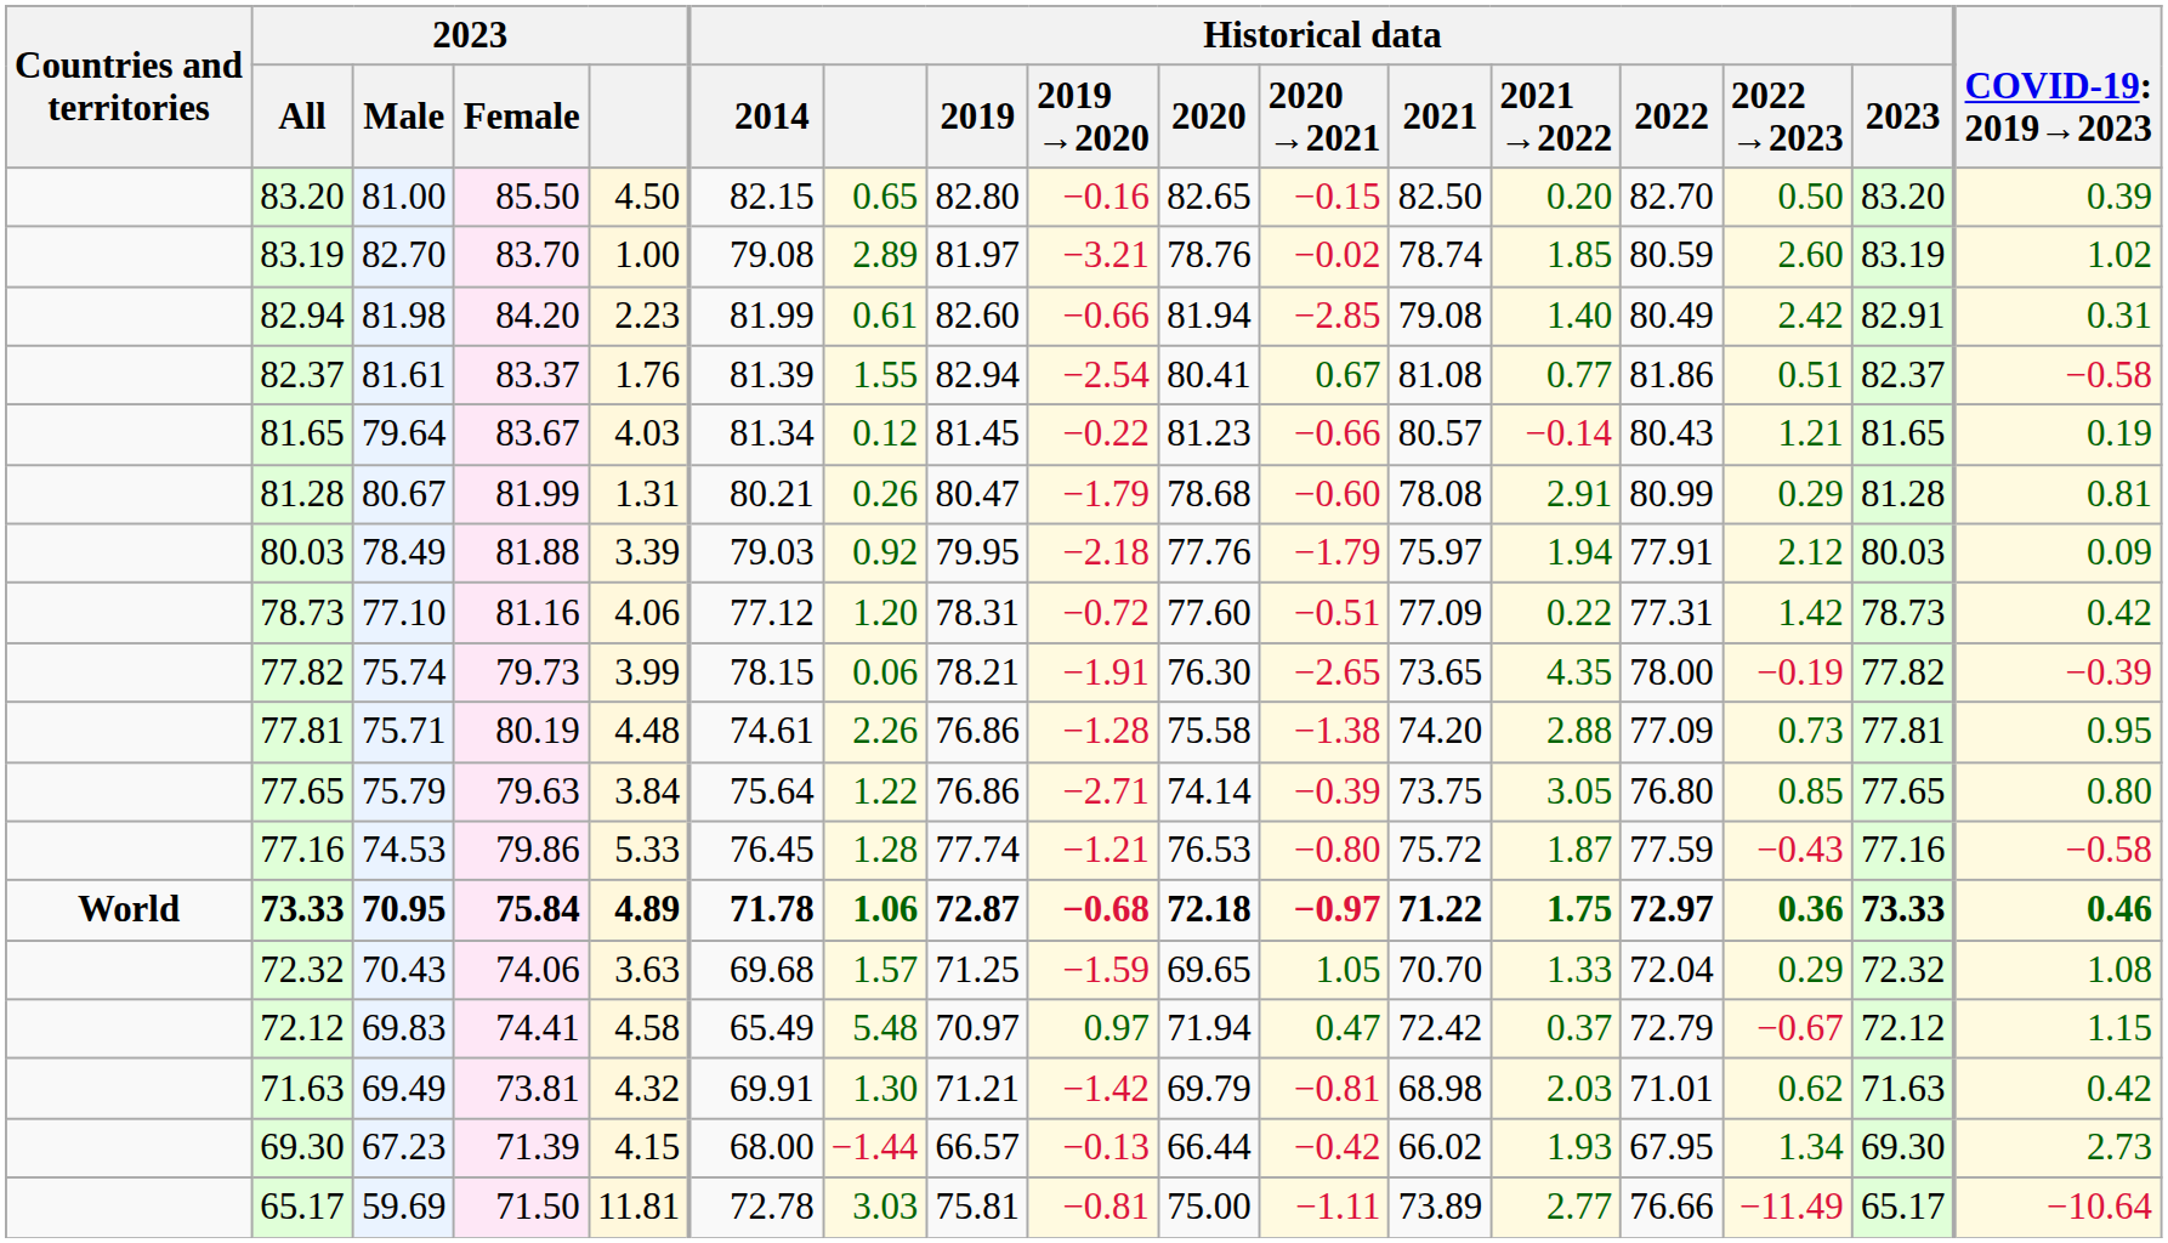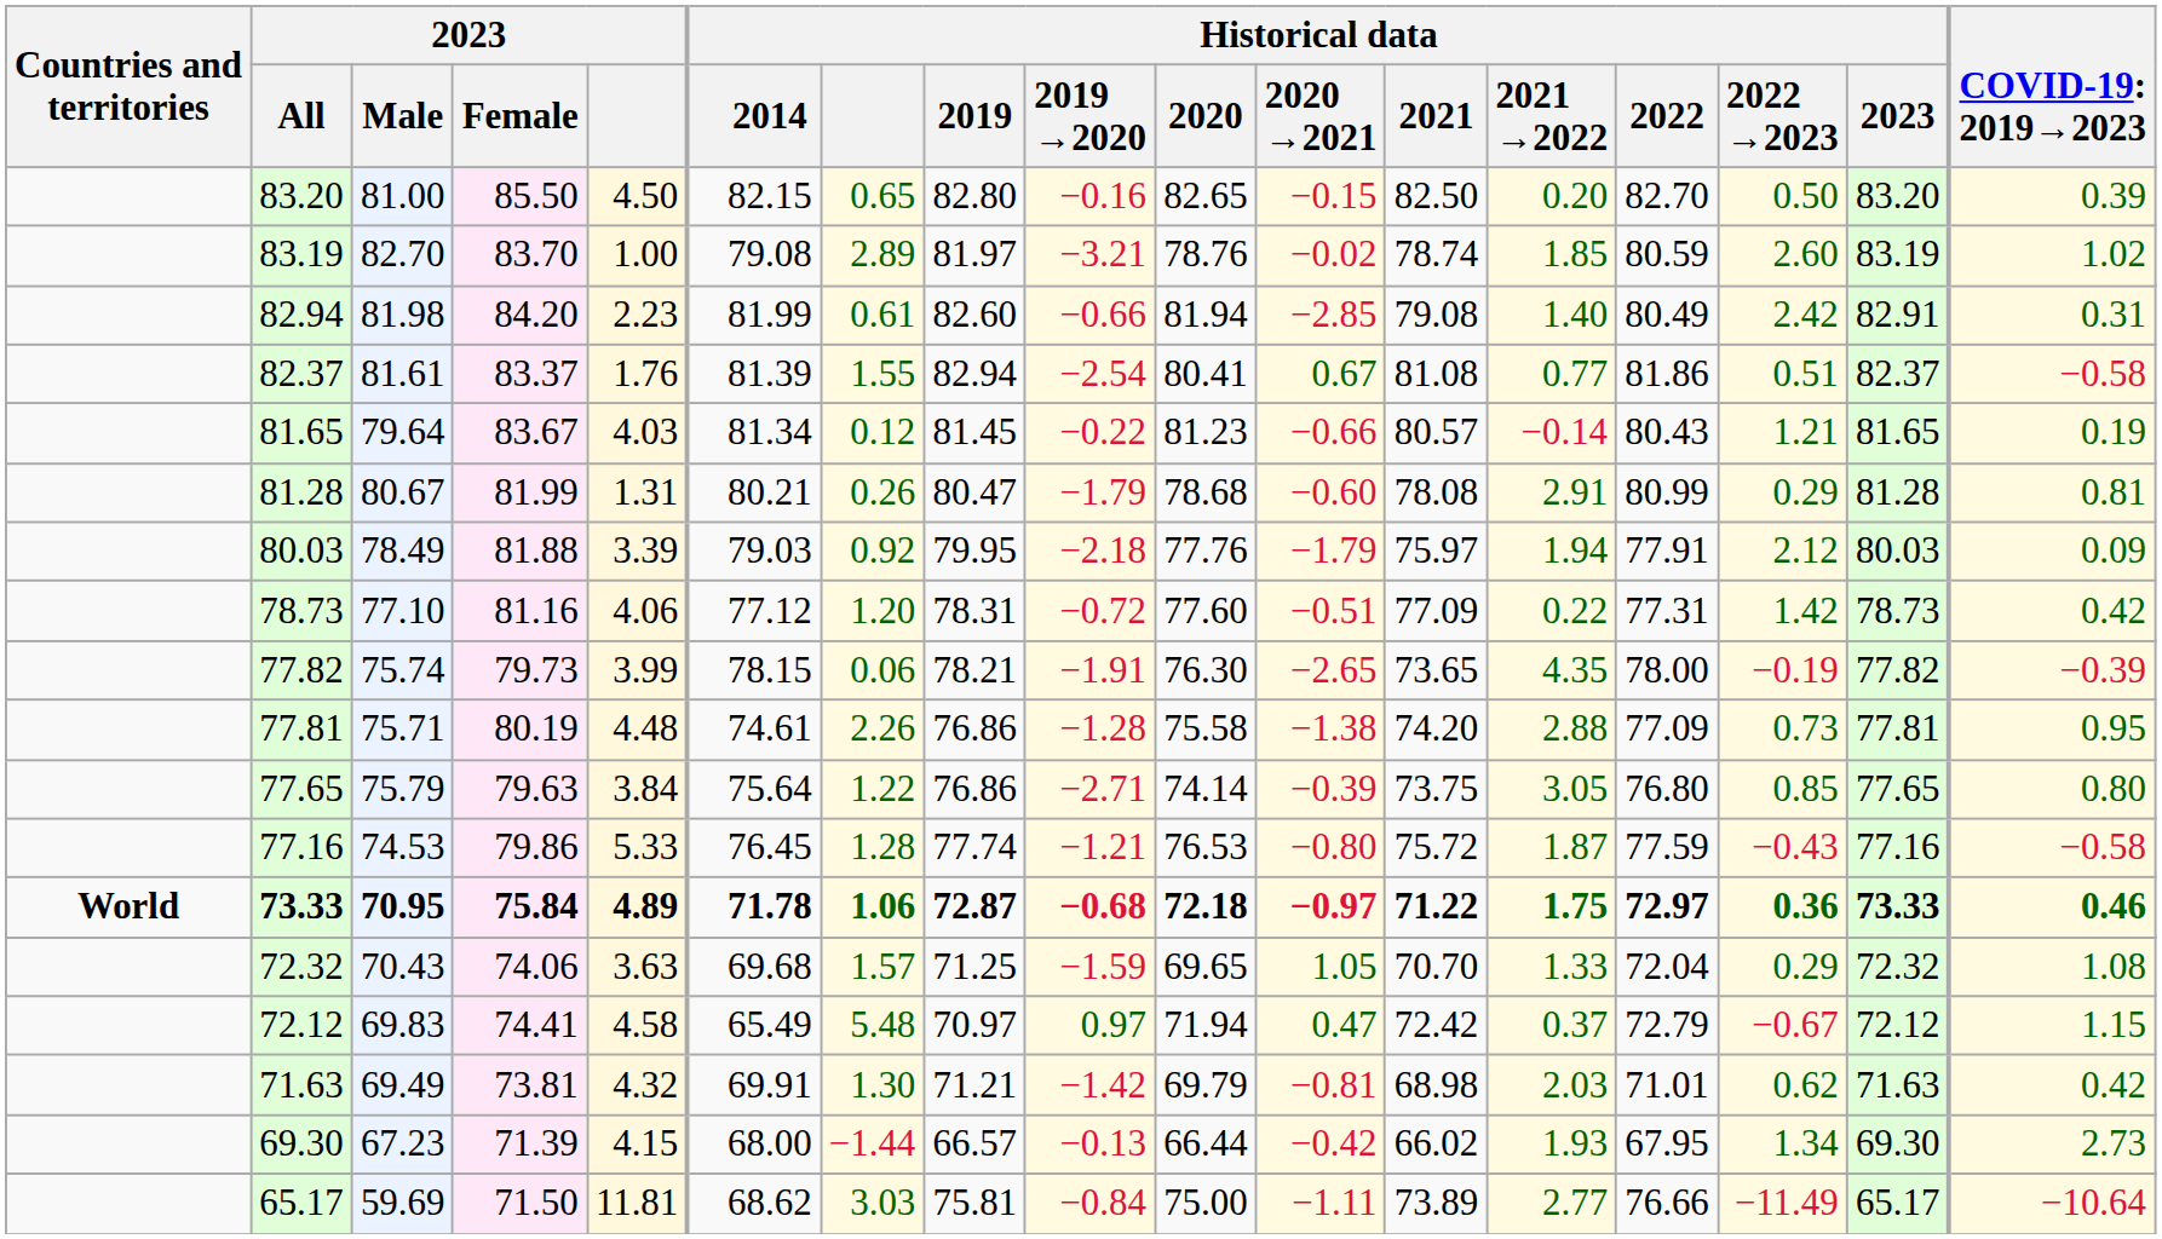 <table class="wikitable sortable mw-datatable static-row-numbers sort-under sticky-table-head sticky-table-col1 col1left col2center col3center col4center col5center col6center col8center col10center col12center col14center col16center" style=text-align:right;>
 <tr class="sortbottom static-row-header">
 <th rowspan=2 style="vertical-align:middle;">Countries and<br>territories</th>
 <th colspan=4>2023</th>
 <th colspan=11 style="border-left-width:2px;">Historical data</th>
 <th rowspan=2 style="border-left-width:2px; text-align:middle;"><br><a href='#'>COVID-19</a>:<br>2019→2023</th>
 </tr>
 <tr class="sortbottom static-row-header">
 <th style="vertical-align:middle;" class=sticky-table-none>All</th>
 <th style="vertical-align:middle;">Male</th>
 <th style="vertical-align:middle;">Female</th>
 <th style="vertical-align:middle;"></th>
 <th style="border-left-width:2px; vertical-align:middle; padding-left:1em;">2014</th>
 <th style="text-align:left;"></th>
 <th style="vertical-align:middle;">2019</th>
 <th style="text-align:left;">2019<br>→2020</th>
 <th style="vertical-align:middle;">2020</th>
 <th style="text-align:left;">2020<br>→2021</th>
 <th style="vertical-align:middle;">2021</th>
 <th style="text-align:left;">2021<br>→2022</th>
 <th style="vertical-align:middle;">2022</th>
 <th style="text-align:left;">2022<br>→2023</th>
 <th style="vertical-align:middle;">2023</th>
 </tr>
 <tr>
 <td></td>
 <td style="background:#e0ffd8;">83.20</td>
 <td style="background:#eaf3ff;">81.00</td>
 <td style="background:#fee7f6;">85.50</td>
 <td style="background:#fff8dc;">4.50</td>
 <td style="border-left-width:2px; padding-left:1em;">82.15</td>
 <td style="background:#fffae0;color:darkgreen;">0.65</td>
 <td>82.80</td>
 <td style="background:#fffae0;color:crimson;">−0.16</td>
 <td>82.65</td>
 <td style="background:#fffae0;color:crimson;">−0.15</td>
 <td>82.50</td>
 <td style="background:#fffae0;color:darkgreen;">0.20</td>
 <td>82.70</td>
 <td style="background:#fffae0;color:darkgreen;">0.50</td>
 <td style="background:#e0ffd8;">83.20</td>
 <td style="background:#fffae0;border-left-width:2px;color:darkgreen;">0.39</td>
 </tr>
 <tr>
 <td></td>
 <td style="background:#e0ffd8;">83.19</td>
 <td style="background:#eaf3ff;">82.70</td>
 <td style="background:#fee7f6;">83.70</td>
 <td style="background:#fff8dc;">1.00</td>
 <td style="border-left-width:2px; padding-left:1em;">79.08</td>
 <td style="background:#fffae0;color:darkgreen;">2.89</td>
 <td>81.97</td>
 <td style="background:#fffae0;color:crimson;">−3.21</td>
 <td>78.76</td>
 <td style="background:#fffae0;color:crimson;">−0.02</td>
 <td>78.74</td>
 <td style="background:#fffae0;color:darkgreen;">1.85</td>
 <td>80.59</td>
 <td style="background:#fffae0;color:darkgreen;">2.60</td>
 <td style="background:#e0ffd8;">83.19</td>
 <td style="background:#fffae0;border-left-width:2px;color:darkgreen;">1.02</td>
 </tr>
 <tr>
 <td></td>
 <td style="background:#e0ffd8;">82.94</td>
 <td style="background:#eaf3ff;">81.98</td>
 <td style="background:#fee7f6;">84.20</td>
 <td style="background:#fff8dc;">2.23</td>
 <td style="border-left-width:2px; padding-left:1em;">81.99</td>
 <td style="background:#fffae0;color:darkgreen;">0.61</td>
 <td>82.60</td>
 <td style="background:#fffae0;color:crimson;">−0.66</td>
 <td>81.94</td>
 <td style="background:#fffae0;color:crimson;">−2.85</td>
 <td>79.08</td>
 <td style="background:#fffae0;color:darkgreen;">1.40</td>
 <td>80.49</td>
 <td style="background:#fffae0;color:darkgreen;">2.42</td>
 <td style="background:#e0ffd8;">82.91</td>
 <td style="background:#fffae0;border-left-width:2px;color:darkgreen;">0.31</td>
 </tr>
 <tr>
 <td></td>
 <td style="background:#e0ffd8;">82.37</td>
 <td style="background:#eaf3ff;">81.61</td>
 <td style="background:#fee7f6;">83.37</td>
 <td style="background:#fff8dc;">1.76</td>
 <td style="border-left-width:2px; padding-left:1em;">81.39</td>
 <td style="background:#fffae0;color:darkgreen;">1.55</td>
 <td>82.94</td>
 <td style="background:#fffae0;color:crimson;">−2.54</td>
 <td>80.41</td>
 <td style="background:#fffae0;color:darkgreen;">0.67</td>
 <td>81.08</td>
 <td style="background:#fffae0;color:darkgreen;">0.77</td>
 <td>81.86</td>
 <td style="background:#fffae0;color:darkgreen;">0.51</td>
 <td style="background:#e0ffd8;">82.37</td>
 <td style="background:#fffae0;border-left-width:2px;color:crimson;">−0.58</td>
 </tr>
 <tr>
 <td></td>
 <td style="background:#e0ffd8;">81.65</td>
 <td style="background:#eaf3ff;">79.64</td>
 <td style="background:#fee7f6;">83.67</td>
 <td style="background:#fff8dc;">4.03</td>
 <td style="border-left-width:2px; padding-left:1em;">81.34</td>
 <td style="background:#fffae0;color:darkgreen;">0.12</td>
 <td>81.45</td>
 <td style="background:#fffae0;color:crimson;">−0.22</td>
 <td>81.23</td>
 <td style="background:#fffae0;color:crimson;">−0.66</td>
 <td>80.57</td>
 <td style="background:#fffae0;color:crimson;">−0.14</td>
 <td>80.43</td>
 <td style="background:#fffae0;color:darkgreen;">1.21</td>
 <td style="background:#e0ffd8;">81.65</td>
 <td style="background:#fffae0;border-left-width:2px;color:darkgreen;">0.19</td>
 </tr>
 <tr>
 <td></td>
 <td style="background:#e0ffd8;">81.28</td>
 <td style="background:#eaf3ff;">80.67</td>
 <td style="background:#fee7f6;">81.99</td>
 <td style="background:#fff8dc;">1.31</td>
 <td style="border-left-width:2px; padding-left:1em;">80.21</td>
 <td style="background:#fffae0;color:darkgreen;">0.26</td>
 <td>80.47</td>
 <td style="background:#fffae0;color:crimson;">−1.79</td>
 <td>78.68</td>
 <td style="background:#fffae0;color:crimson;">−0.60</td>
 <td>78.08</td>
 <td style="background:#fffae0;color:darkgreen;">2.91</td>
 <td>80.99</td>
 <td style="background:#fffae0;color:darkgreen;">0.29</td>
 <td style="background:#e0ffd8;">81.28</td>
 <td style="background:#fffae0;border-left-width:2px;color:darkgreen;">0.81</td>
 </tr>
 <tr>
 <td></td>
 <td style="background:#e0ffd8;">80.03</td>
 <td style="background:#eaf3ff;">78.49</td>
 <td style="background:#fee7f6;">81.88</td>
 <td style="background:#fff8dc;">3.39</td>
 <td style="border-left-width:2px; padding-left:1em;">79.03</td>
 <td style="background:#fffae0;color:darkgreen;">0.92</td>
 <td>79.95</td>
 <td style="background:#fffae0;color:crimson;">−2.18</td>
 <td>77.76</td>
 <td style="background:#fffae0;color:crimson;">−1.79</td>
 <td>75.97</td>
 <td style="background:#fffae0;color:darkgreen;">1.94</td>
 <td>77.91</td>
 <td style="background:#fffae0;color:darkgreen;">2.12</td>
 <td style="background:#e0ffd8;">80.03</td>
 <td style="background:#fffae0;border-left-width:2px;color:darkgreen;">0.09</td>
 </tr>
 <tr>
 <td></td>
 <td style="background:#e0ffd8;">78.73</td>
 <td style="background:#eaf3ff;">77.10</td>
 <td style="background:#fee7f6;">81.16</td>
 <td style="background:#fff8dc;">4.06</td>
 <td style="border-left-width:2px; padding-left:1em;">77.12</td>
 <td style="background:#fffae0;color:darkgreen;">1.20</td>
 <td>78.31</td>
 <td style="background:#fffae0;color:crimson;">−0.72</td>
 <td>77.60</td>
 <td style="background:#fffae0;color:crimson;">−0.51</td>
 <td>77.09</td>
 <td style="background:#fffae0;color:darkgreen;">0.22</td>
 <td>77.31</td>
 <td style="background:#fffae0;color:darkgreen;">1.42</td>
 <td style="background:#e0ffd8;">78.73</td>
 <td style="background:#fffae0;border-left-width:2px;color:darkgreen;">0.42</td>
 </tr>
 <tr>
 <td></td>
 <td style="background:#e0ffd8;">77.82</td>
 <td style="background:#eaf3ff;">75.74</td>
 <td style="background:#fee7f6;">79.73</td>
 <td style="background:#fff8dc;">3.99</td>
 <td style="border-left-width:2px; padding-left:1em;">78.15</td>
 <td style="background:#fffae0;color:darkgreen;">0.06</td>
 <td>78.21</td>
 <td style="background:#fffae0;color:crimson;">−1.91</td>
 <td>76.30</td>
 <td style="background:#fffae0;color:crimson;">−2.65</td>
 <td>73.65</td>
 <td style="background:#fffae0;color:darkgreen;">4.35</td>
 <td>78.00</td>
 <td style="background:#fffae0;color:crimson;">−0.19</td>
 <td style="background:#e0ffd8;">77.82</td>
 <td style="background:#fffae0;border-left-width:2px;color:crimson;">−0.39</td>
 </tr>
 <tr>
 <td></td>
 <td style="background:#e0ffd8;">77.81</td>
 <td style="background:#eaf3ff;">75.71</td>
 <td style="background:#fee7f6;">80.19</td>
 <td style="background:#fff8dc;">4.48</td>
 <td style="border-left-width:2px; padding-left:1em;">74.61</td>
 <td style="background:#fffae0;color:darkgreen;">2.26</td>
 <td>76.86</td>
 <td style="background:#fffae0;color:crimson;">−1.28</td>
 <td>75.58</td>
 <td style="background:#fffae0;color:crimson;">−1.38</td>
 <td>74.20</td>
 <td style="background:#fffae0;color:darkgreen;">2.88</td>
 <td>77.09</td>
 <td style="background:#fffae0;color:darkgreen;">0.73</td>
 <td style="background:#e0ffd8;">77.81</td>
 <td style="background:#fffae0;border-left-width:2px;color:darkgreen;">0.95</td>
 </tr>
 <tr>
 <td></td>
 <td style="background:#e0ffd8;">77.65</td>
 <td style="background:#eaf3ff;">75.79</td>
 <td style="background:#fee7f6;">79.63</td>
 <td style="background:#fff8dc;">3.84</td>
 <td style="border-left-width:2px; padding-left:1em;">75.64</td>
 <td style="background:#fffae0;color:darkgreen;">1.22</td>
 <td>76.86</td>
 <td style="background:#fffae0;color:crimson;">−2.71</td>
 <td>74.14</td>
 <td style="background:#fffae0;color:crimson;">−0.39</td>
 <td>73.75</td>
 <td style="background:#fffae0;color:darkgreen;">3.05</td>
 <td>76.80</td>
 <td style="background:#fffae0;color:darkgreen;">0.85</td>
 <td style="background:#e0ffd8;">77.65</td>
 <td style="background:#fffae0;border-left-width:2px;color:darkgreen;">0.80</td>
 </tr>
 <tr>
 <td></td>
 <td style="background:#e0ffd8;">77.16</td>
 <td style="background:#eaf3ff;">74.53</td>
 <td style="background:#fee7f6;">79.86</td>
 <td style="background:#fff8dc;">5.33</td>
 <td style="border-left-width:2px; padding-left:1em;">76.45</td>
 <td style="background:#fffae0;color:darkgreen;">1.28</td>
 <td>77.74</td>
 <td style="background:#fffae0;color:crimson;">−1.21</td>
 <td>76.53</td>
 <td style="background:#fffae0;color:crimson;">−0.80</td>
 <td>75.72</td>
 <td style="background:#fffae0;color:darkgreen;">1.87</td>
 <td>77.59</td>
 <td style="background:#fffae0;color:crimson;">−0.43</td>
 <td style="background:#e0ffd8;">77.16</td>
 <td style="background:#fffae0;border-left-width:2px;color:crimson;">−0.58</td>
 </tr>
 <tr class=static-row-header>
 <td style="text-align:center;"><strong>World</strong></td>
 <td style="background:#e0ffd8;"><strong>73.33</strong></td>
 <td style="background:#eaf3ff;"><strong>70.95</strong></td>
 <td style="background:#fee7f6;"><strong>75.84</strong></td>
 <td style="background:#fff8dc;"><strong>4.89</strong></td>
 <td style="border-left-width:2px;padding-left:1em;"><strong>71.78</strong></td>
 <td style="background:#fffae0;color:darkgreen;"><strong>1.06</strong></td>
 <td><strong>72.87</strong></td>
 <td style="background:#fffae0;color:crimson;"><strong>−0.68</strong></td>
 <td><strong>72.18</strong></td>
 <td style="background:#fffae0;color:crimson;"><strong>−0.97</strong></td>
 <td><strong>71.22</strong></td>
 <td style="background:#fffae0;color:darkgreen;"><strong>1.75</strong></td>
 <td><strong>72.97</strong></td>
 <td style="background:#fffae0;color:darkgreen;"><strong>0.36</strong></td>
 <td style="background:#e0ffd8;"><strong>73.33</strong></td>
 <td style="background:#fffae0;border-left-width:2px;color:darkgreen;"><strong>0.46</strong></td>
 </tr>
 <tr>
 <td></td>
 <td style="background:#e0ffd8;">72.32</td>
 <td style="background:#eaf3ff;">70.43</td>
 <td style="background:#fee7f6;">74.06</td>
 <td style="background:#fff8dc;">3.63</td>
 <td style="border-left-width:2px; padding-left:1em;">69.68</td>
 <td style="background:#fffae0;color:darkgreen;">1.57</td>
 <td>71.25</td>
 <td style="background:#fffae0;color:crimson;">−1.59</td>
 <td>69.65</td>
 <td style="background:#fffae0;color:darkgreen;">1.05</td>
 <td>70.70</td>
 <td style="background:#fffae0;color:darkgreen;">1.33</td>
 <td>72.04</td>
 <td style="background:#fffae0;color:darkgreen;">0.29</td>
 <td style="background:#e0ffd8;">72.32</td>
 <td style="background:#fffae0;border-left-width:2px;color:darkgreen;">1.08</td>
 </tr>
 <tr>
 <td></td>
 <td style="background:#e0ffd8;">72.12</td>
 <td style="background:#eaf3ff;">69.83</td>
 <td style="background:#fee7f6;">74.41</td>
 <td style="background:#fff8dc;">4.58</td>
 <td style="border-left-width:2px; padding-left:1em;">65.49</td>
 <td style="background:#fffae0;color:darkgreen;">5.48</td>
 <td>70.97</td>
 <td style="background:#fffae0;color:darkgreen;">0.97</td>
 <td>71.94</td>
 <td style="background:#fffae0;color:darkgreen;">0.47</td>
 <td>72.42</td>
 <td style="background:#fffae0;color:darkgreen;">0.37</td>
 <td>72.79</td>
 <td style="background:#fffae0;color:crimson;">−0.67</td>
 <td style="background:#e0ffd8;">72.12</td>
 <td style="background:#fffae0;border-left-width:2px;color:darkgreen;">1.15</td>
 </tr>
 <tr>
 <td></td>
 <td style="background:#e0ffd8;">71.63</td>
 <td style="background:#eaf3ff;">69.49</td>
 <td style="background:#fee7f6;">73.81</td>
 <td style="background:#fff8dc;">4.32</td>
 <td style="border-left-width:2px; padding-left:1em;">69.91</td>
 <td style="background:#fffae0;color:darkgreen;">1.30</td>
 <td>71.21</td>
 <td style="background:#fffae0;color:crimson;">−1.42</td>
 <td>69.79</td>
 <td style="background:#fffae0;color:crimson;">−0.81</td>
 <td>68.98</td>
 <td style="background:#fffae0;color:darkgreen;">2.03</td>
 <td>71.01</td>
 <td style="background:#fffae0;color:darkgreen;">0.62</td>
 <td style="background:#e0ffd8;">71.63</td>
 <td style="background:#fffae0;border-left-width:2px;color:darkgreen;">0.42</td>
 </tr>
 <tr>
 <td></td>
 <td style="background:#e0ffd8;">69.30</td>
 <td style="background:#eaf3ff;">67.23</td>
 <td style="background:#fee7f6;">71.39</td>
 <td style="background:#fff8dc;">4.15</td>
 <td style="border-left-width:2px; padding-left:1em;">68.00</td>
 <td style="background:#fffae0;color:crimson;">−1.44</td>
 <td>66.57</td>
 <td style="background:#fffae0;color:crimson;">−0.13</td>
 <td>66.44</td>
 <td style="background:#fffae0;color:crimson;">−0.42</td>
 <td>66.02</td>
 <td style="background:#fffae0;color:darkgreen;">1.93</td>
 <td>67.95</td>
 <td style="background:#fffae0;color:darkgreen;">1.34</td>
 <td style="background:#e0ffd8;">69.30</td>
 <td style="background:#fffae0;border-left-width:2px;color:darkgreen;">2.73</td>
 </tr>
 <tr>
 <td></td>
 <td style="background:#e0ffd8;">65.17</td>
 <td style="background:#eaf3ff;">59.69</td>
 <td style="background:#fee7f6;">71.50</td>
 <td style="background:#fff8dc;">11.81</td>
-<td style="border-left-width:2px; padding-left:1em;">72.78</td>
+<td style="border-left-width:2px; padding-left:1em;">68.62</td>
 <td style="background:#fffae0;color:darkgreen;">3.03</td>
 <td>75.81</td>
-<td style="background:#fffae0;color:crimson;">−0.81</td>
+<td style="background:#fffae0;color:crimson;">−0.84</td>
 <td>75.00</td>
 <td style="background:#fffae0;color:crimson;">−1.11</td>
 <td>73.89</td>
 <td style="background:#fffae0;color:darkgreen;">2.77</td>
 <td>76.66</td>
 <td style="background:#fffae0;color:crimson;">−11.49</td>
 <td style="background:#e0ffd8;">65.17</td>
 <td style="background:#fffae0;border-left-width:2px;color:crimson;">−10.64</td>
 </tr>
 </table>
